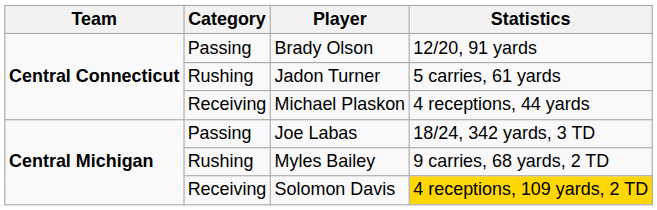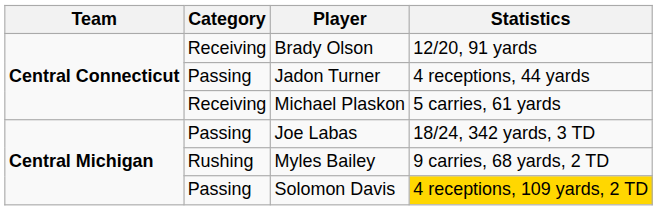 <table class="wikitable" style="float: right;">
 <tr>
 <th>Team</th>
 <th>Category</th>
 <th>Player</th>
 <th>Statistics</th>
 </tr>
 <tr>
 <td rowspan=3><strong>Central Connecticut</strong></td>
-<td>Passing</td>
+<td>Receiving</td>
 <td>Brady Olson</td>
 <td>12/20, 91 yards</td>
 </tr>
 <tr>
-<td>Rushing</td>
+<td>Passing</td>
 <td>Jadon Turner</td>
-<td>5 carries, 61 yards</td>
+<td>4 receptions, 44 yards</td>
 </tr>
 <tr>
 <td>Receiving</td>
 <td>Michael Plaskon</td>
-<td>4 receptions, 44 yards</td>
+<td>5 carries, 61 yards</td>
 </tr>
 <tr>
 <td rowspan=3><strong>Central Michigan</strong></td>
 <td>Passing</td>
 <td>Joe Labas</td>
 <td>18/24, 342 yards, 3 TD</td>
 </tr>
 <tr>
 <td>Rushing</td>
 <td>Myles Bailey</td>
 <td>9 carries, 68 yards, 2 TD</td>
 </tr>
 <tr>
-<td>Receiving</td>
+<td>Passing</td>
 <td>Solomon Davis</td>
 <td style="background: gold;">4 receptions, 109 yards, 2 TD</td>
 </tr>
 </table>
